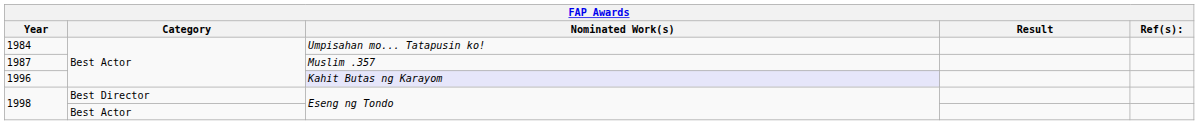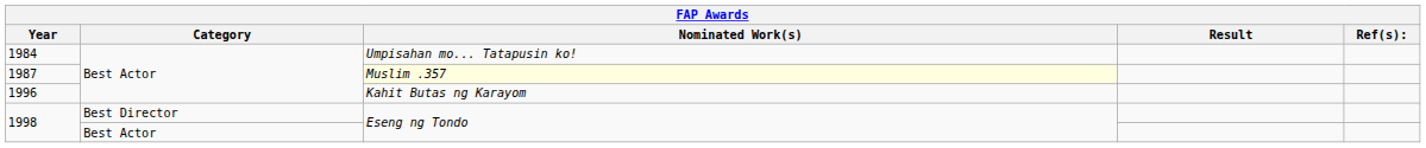 <table class= "wikitable plainrowheaders sortable">
 <tr>
 <th colspan=5><a href='#'>FAP Awards</a></th>
 </tr>
 <tr>
 <th Width=4%>Year</th>
 <th Width=15%>Category</th>
 <th Width=40%>Nominated Work(s)</th>
 <th Width=12%>Result</th>
 <th Width=4%>Ref(s):</th>
 </tr>
 <tr>
 <td scope="row">1984</td>
 <td rowspan="3">Best Actor</td>
 <td><em>Umpisahan mo... Tatapusin ko!</em></td>
 <td></td>
 <td></td>
 </tr>
 <tr>
 <td scope="row">1987</td>
-<td><em>Muslim .357</em></td>
+<td style="background: lightyellow;"><em>Muslim .357</em></td>
 <td></td>
 <td></td>
 </tr>
 <tr>
 <td scope="row">1996</td>
-<td style="background: lavender;"><em>Kahit Butas ng Karayom</em></td>
+<td><em>Kahit Butas ng Karayom</em></td>
 <td></td>
 <td></td>
 </tr>
 <tr>
 <td scope=row rowspan="2">1998</td>
 <td>Best Director</td>
 <td rowspan="2"><em>Eseng ng Tondo</em></td>
 <td></td>
 <td></td>
 </tr>
 <tr>
 <td>Best Actor</td>
 <td></td>
 <td></td>
 </tr>
 </table>
